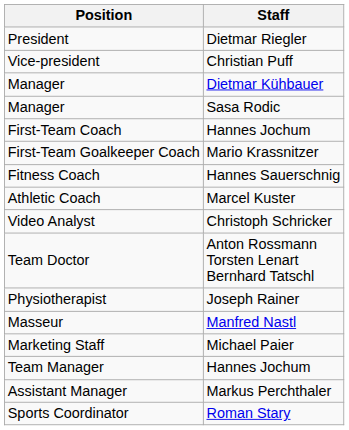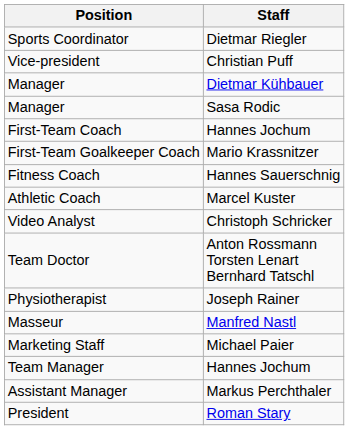 <table class="wikitable">
 <tr>
 <th>Position</th>
 <th>Staff</th>
 </tr>
 <tr>
-<td>President</td>
+<td>Sports Coordinator</td>
 <td> Dietmar Riegler</td>
 </tr>
 <tr>
 <td>Vice-president</td>
 <td> Christian Puff</td>
 </tr>
 <tr>
 <td>Manager</td>
 <td> <a href='#'>Dietmar Kühbauer</a></td>
 </tr>
 <tr>
 <td>Manager</td>
 <td> Sasa Rodic</td>
 </tr>
 <tr>
 <td>First-Team Coach</td>
 <td> Hannes Jochum</td>
 </tr>
 <tr>
 <td>First-Team Goalkeeper Coach</td>
 <td> Mario Krassnitzer</td>
 </tr>
 <tr>
 <td>Fitness Coach</td>
 <td> Hannes Sauerschnig</td>
 </tr>
 <tr>
 <td>Athletic Coach</td>
 <td> Marcel Kuster</td>
 </tr>
 <tr>
 <td>Video Analyst</td>
 <td> Christoph Schricker</td>
 </tr>
 <tr>
 <td>Team Doctor</td>
 <td> Anton Rossmann <br>  Torsten Lenart <br>  Bernhard Tatschl</td>
 </tr>
 <tr>
 <td>Physiotherapist</td>
 <td> Joseph Rainer</td>
 </tr>
 <tr>
 <td>Masseur</td>
 <td> <a href='#'>Manfred Nastl</a></td>
 </tr>
 <tr>
 <td>Marketing Staff</td>
 <td> Michael Paier</td>
 </tr>
 <tr>
 <td>Team Manager</td>
 <td> Hannes Jochum</td>
 </tr>
 <tr>
 <td>Assistant Manager</td>
 <td> Markus Perchthaler</td>
 </tr>
 <tr>
-<td>Sports Coordinator</td>
+<td>President</td>
 <td> <a href='#'>Roman Stary</a></td>
 </tr>
 </table>
